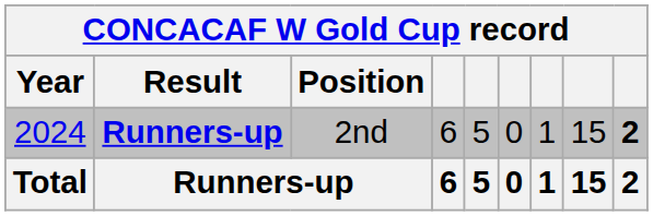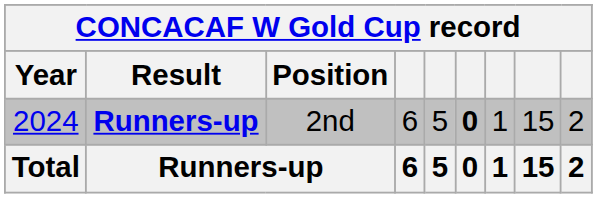 <table class="wikitable"  style="text-align:center;">
 <tr>
 <th colspan=9><a href='#'>CONCACAF W Gold Cup</a> record</th>
 </tr>
 <tr>
 <th>Year</th>
 <th>Result</th>
 <th>Position</th>
 <th></th>
 <th></th>
 <th></th>
 <th></th>
 <th></th>
 <th></th>
 </tr>
 <tr bgcolor=silver>
 <td> <a href='#'>2024</a></td>
 <td><strong><a href='#'>Runners-up</a></strong></td>
 <td>2nd</td>
 <td>6</td>
 <td>5</td>
-<td>0</td>
+<td><strong>0</strong></td>
 <td>1</td>
 <td>15</td>
-<td><strong>2</strong></td>
+<td>2</td>
 </tr>
 <tr>
 <th>Total</th>
 <th colspan=2>Runners-up</th>
 <th>6</th>
 <th>5</th>
 <th>0</th>
 <th>1</th>
 <th>15</th>
 <th>2</th>
 </tr>
 </table>
